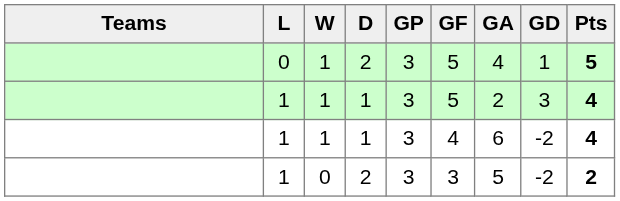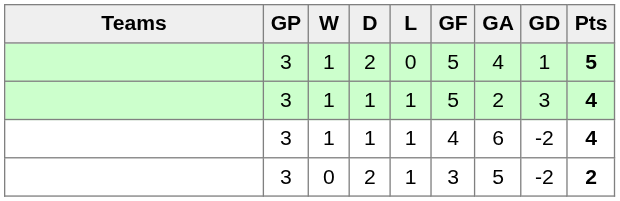 <table style=border-collapse:collapse border=1 cellspacing=0 cellpadding=5>
 <tr align=center bgcolor=#efefef>
 <th width=185>Teams</th>
-<th width=20>L</th>
+<th width=20>GP</th>
 <th width=20>W</th>
 <th width=20>D</th>
-<th width=20>GP</th>
+<th width=20>L</th>
 <th width=20>GF</th>
 <th width=20>GA</th>
 <th width=20>GD</th>
 <th width=20>Pts</th>
 </tr>
 <tr align=center style="background:#ccffcc;">
 <td style="text-align:left;"></td>
-<td>0</td>
+<td>3</td>
 <td>1</td>
 <td>2</td>
-<td>3</td>
+<td>0</td>
 <td>5</td>
 <td>4</td>
 <td>1</td>
 <td><strong>5</strong></td>
 </tr>
 <tr align=center style="background:#ccffcc;">
 <td style="text-align:left;"></td>
+<td>3</td>
 <td>1</td>
 <td>1</td>
 <td>1</td>
-<td>3</td>
 <td>5</td>
 <td>2</td>
 <td>3</td>
 <td><strong>4</strong></td>
 </tr>
 <tr align=center>
 <td style="text-align:left;"></td>
+<td>3</td>
 <td>1</td>
 <td>1</td>
 <td>1</td>
-<td>3</td>
 <td>4</td>
 <td>6</td>
 <td>-2</td>
 <td><strong>4</strong></td>
 </tr>
 <tr align=center>
 <td style="text-align:left;"></td>
-<td>1</td>
+<td>3</td>
 <td>0</td>
 <td>2</td>
-<td>3</td>
+<td>1</td>
 <td>3</td>
 <td>5</td>
 <td>-2</td>
 <td><strong>2</strong></td>
 </tr>
 </table>
